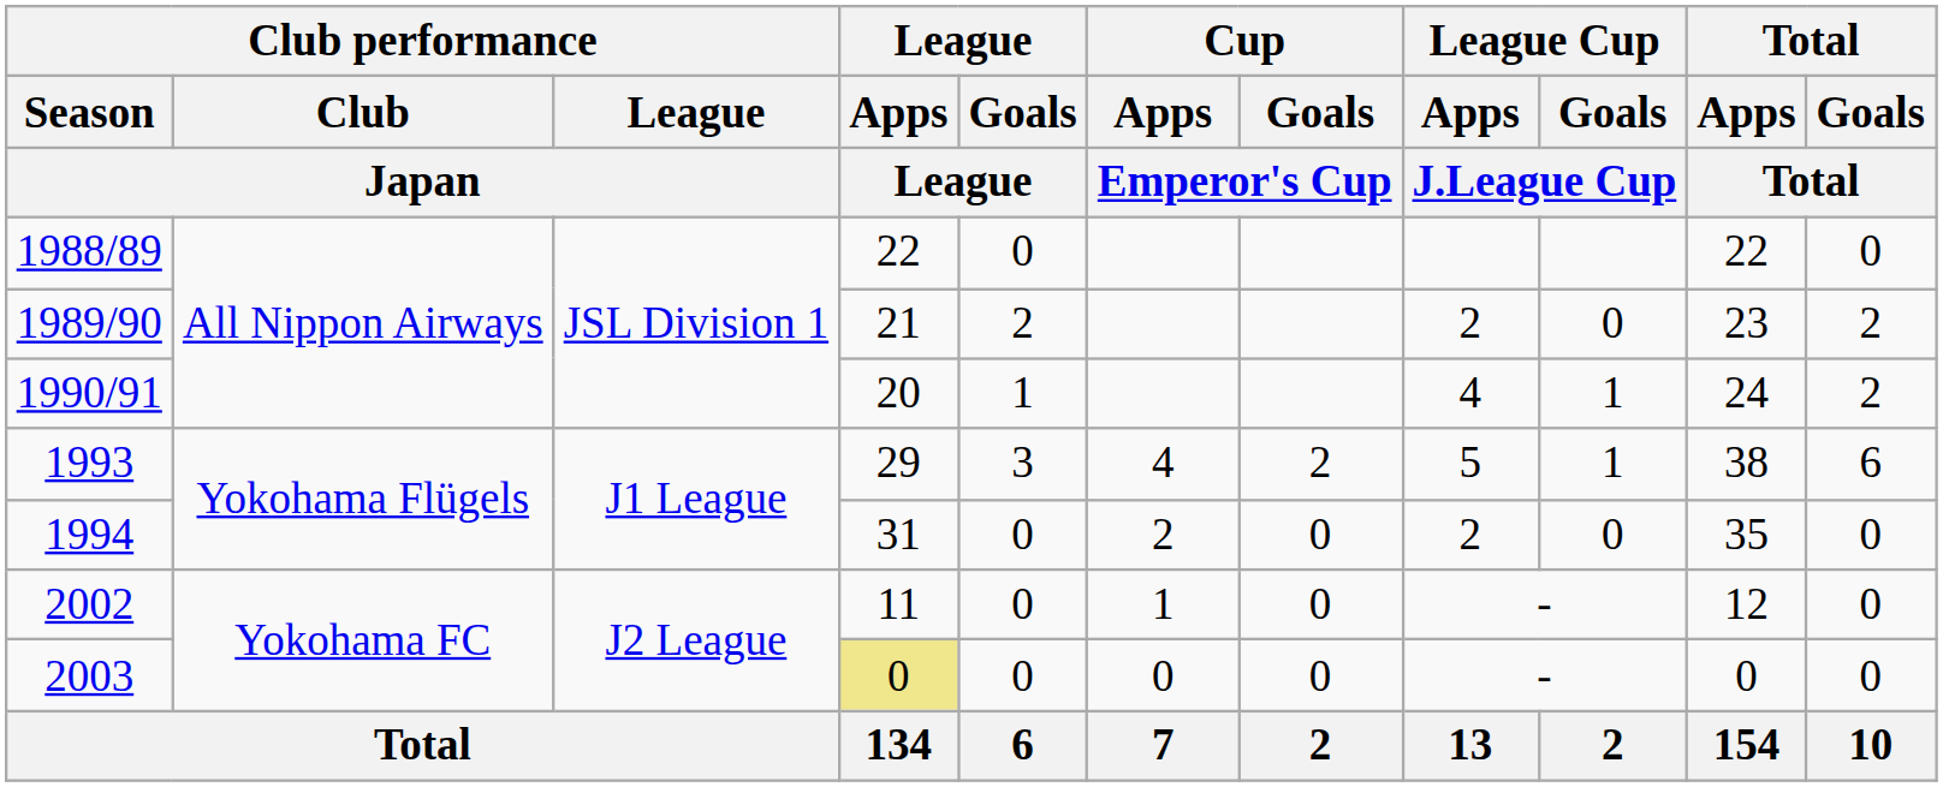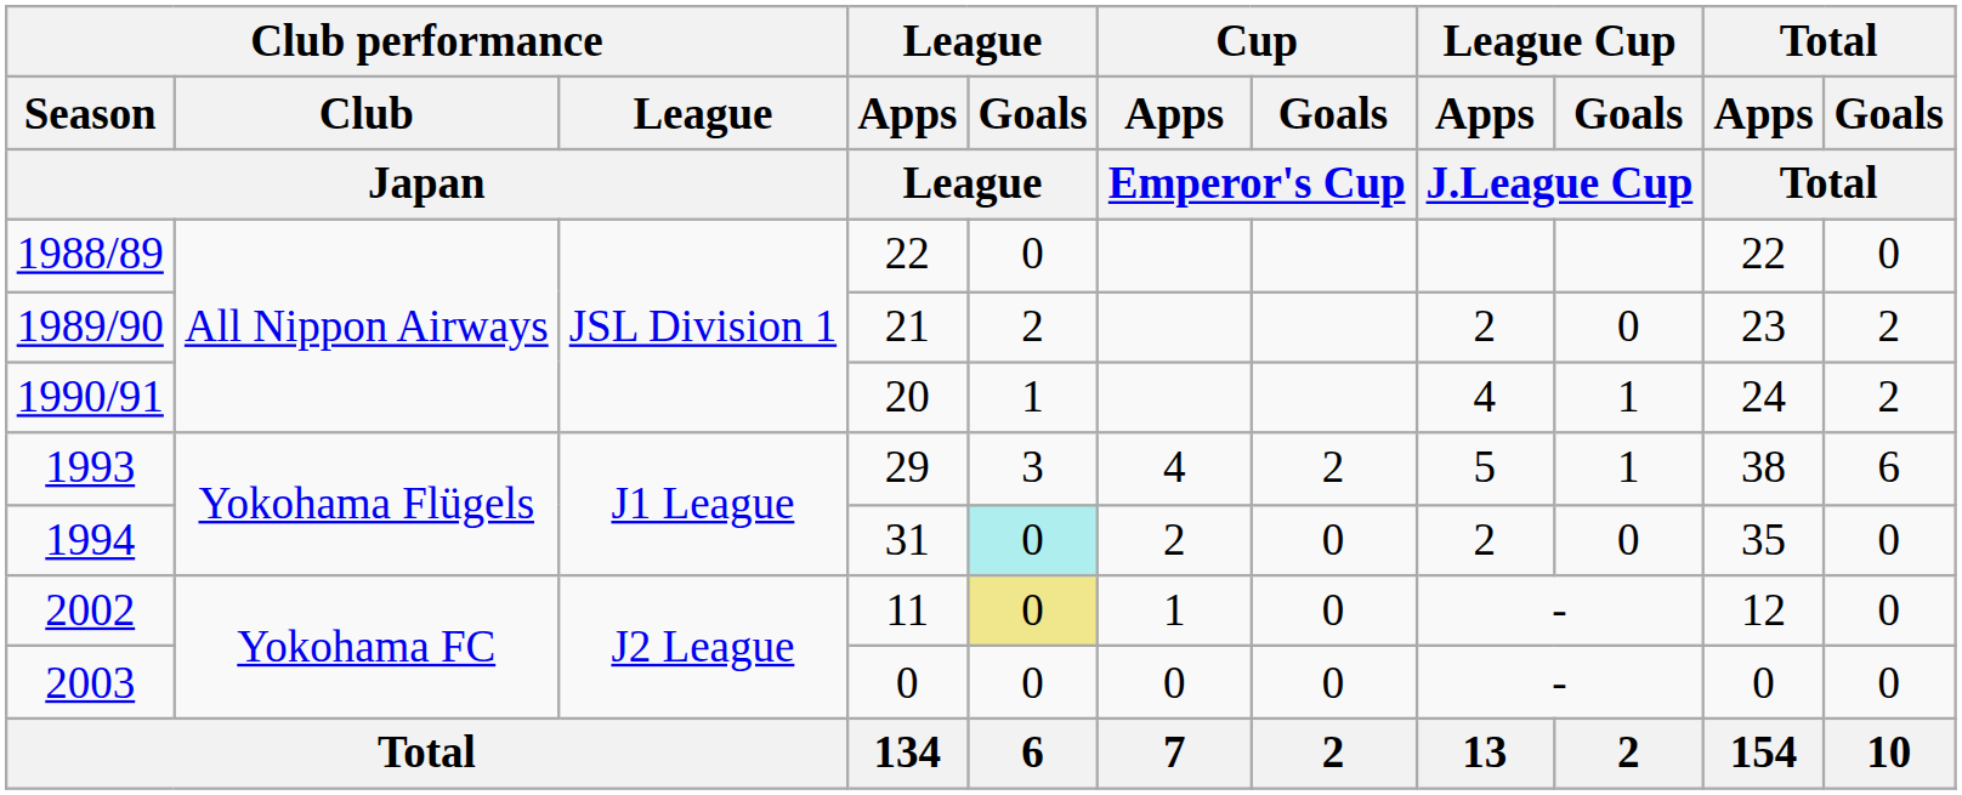 <table class="wikitable" style="text-align:center;">
 <tr>
 <th colspan=3>Club performance</th>
 <th colspan=2>League</th>
 <th colspan=2>Cup</th>
 <th colspan=2>League Cup</th>
 <th colspan=2>Total</th>
 </tr>
 <tr>
 <th>Season</th>
 <th>Club</th>
 <th>League</th>
 <th>Apps</th>
 <th>Goals</th>
 <th>Apps</th>
 <th>Goals</th>
 <th>Apps</th>
 <th>Goals</th>
 <th>Apps</th>
 <th>Goals</th>
 </tr>
 <tr>
 <th colspan=3>Japan</th>
 <th colspan=2>League</th>
 <th colspan=2><a href='#'>Emperor's Cup</a></th>
 <th colspan=2><a href='#'>J.League Cup</a></th>
 <th colspan=2>Total</th>
 </tr>
 <tr>
 <td><a href='#'>1988/89</a></td>
 <td rowspan="3"><a href='#'>All Nippon Airways</a></td>
 <td rowspan="3"><a href='#'>JSL Division 1</a></td>
 <td>22</td>
 <td>0</td>
 <td></td>
 <td></td>
 <td></td>
 <td></td>
 <td>22</td>
 <td>0</td>
 </tr>
 <tr>
 <td><a href='#'>1989/90</a></td>
 <td>21</td>
 <td>2</td>
 <td></td>
 <td></td>
 <td>2</td>
 <td>0</td>
 <td>23</td>
 <td>2</td>
 </tr>
 <tr>
 <td><a href='#'>1990/91</a></td>
 <td>20</td>
 <td>1</td>
 <td></td>
 <td></td>
 <td>4</td>
 <td>1</td>
 <td>24</td>
 <td>2</td>
 </tr>
 <tr>
 <td><a href='#'>1993</a></td>
 <td rowspan="2"><a href='#'>Yokohama Flügels</a></td>
 <td rowspan="2"><a href='#'>J1 League</a></td>
 <td>29</td>
 <td>3</td>
 <td>4</td>
 <td>2</td>
 <td>5</td>
 <td>1</td>
 <td>38</td>
 <td>6</td>
 </tr>
 <tr>
 <td><a href='#'>1994</a></td>
 <td>31</td>
-<td>0</td>
+<td style="background: paleturquoise;">0</td>
 <td>2</td>
 <td>0</td>
 <td>2</td>
 <td>0</td>
 <td>35</td>
 <td>0</td>
 </tr>
 <tr>
 <td><a href='#'>2002</a></td>
 <td rowspan="2"><a href='#'>Yokohama FC</a></td>
 <td rowspan="2"><a href='#'>J2 League</a></td>
 <td>11</td>
-<td>0</td>
+<td style="background: khaki;">0</td>
 <td>1</td>
 <td>0</td>
 <td colspan="2">-</td>
 <td>12</td>
 <td>0</td>
 </tr>
 <tr>
 <td><a href='#'>2003</a></td>
-<td style="background: khaki;">0</td>
+<td>0</td>
 <td>0</td>
 <td>0</td>
 <td>0</td>
 <td colspan="2">-</td>
 <td>0</td>
 <td>0</td>
 </tr>
 <tr>
 <th colspan=3>Total</th>
 <th>134</th>
 <th>6</th>
 <th>7</th>
 <th>2</th>
 <th>13</th>
 <th>2</th>
 <th>154</th>
 <th>10</th>
 </tr>
 </table>
